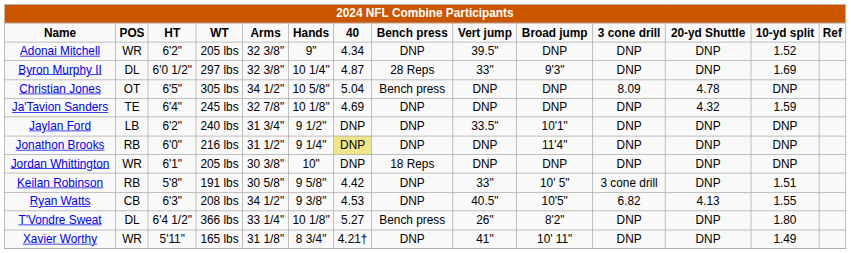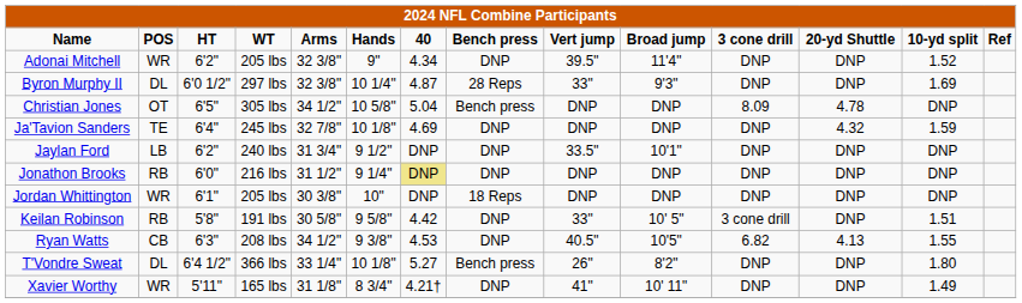 <table class="wikitable sortable" style="width:90%; text-align:center;">
 <tr style="font-weight:bold; background:#CC5500; color:#FFFFFF;">
 <td colspan="14">2024 NFL Combine Participants</td>
 </tr>
 <tr style="font-weight:bold;">
 <td>Name</td>
 <td>POS</td>
 <td>HT</td>
 <td>WT</td>
 <td>Arms</td>
 <td>Hands</td>
 <td>40</td>
 <td>Bench press</td>
 <td>Vert jump</td>
 <td>Broad jump</td>
 <td>3 cone drill</td>
 <td>20-yd Shuttle</td>
 <td>10-yd split</td>
 <td>Ref</td>
 </tr>
 <tr>
 <td><a href='#'>Adonai Mitchell</a></td>
 <td>WR</td>
 <td>6'2"</td>
 <td>205 lbs</td>
 <td>32 3/8"</td>
 <td>9"</td>
 <td>4.34</td>
 <td>DNP</td>
 <td>39.5"</td>
-<td>DNP</td>
+<td>11'4"</td>
 <td>DNP</td>
 <td>DNP</td>
 <td>1.52</td>
 <td></td>
 </tr>
 <tr>
 <td><a href='#'>Byron Murphy II</a></td>
 <td>DL</td>
 <td>6'0 1/2"</td>
 <td>297 lbs</td>
 <td>32 3/8"</td>
 <td>10 1/4"</td>
 <td>4.87</td>
 <td>28 Reps</td>
 <td>33"</td>
 <td>9'3"</td>
 <td>DNP</td>
 <td>DNP</td>
 <td>1.69</td>
 <td></td>
 </tr>
 <tr>
 <td><a href='#'>Christian Jones</a></td>
 <td>OT</td>
 <td>6'5"</td>
 <td>305 lbs</td>
 <td>34 1/2"</td>
 <td>10 5/8"</td>
 <td>5.04</td>
 <td>Bench press</td>
 <td>DNP</td>
 <td>DNP</td>
 <td>8.09</td>
 <td>4.78</td>
 <td>DNP</td>
 <td></td>
 </tr>
 <tr>
 <td><a href='#'>Ja'Tavion Sanders</a></td>
 <td>TE</td>
 <td>6'4"</td>
 <td>245 lbs</td>
 <td>32 7/8"</td>
 <td>10 1/8"</td>
 <td>4.69</td>
 <td>DNP</td>
 <td>DNP</td>
 <td>DNP</td>
 <td>DNP</td>
 <td>4.32</td>
 <td>1.59</td>
 <td></td>
 </tr>
 <tr>
 <td><a href='#'>Jaylan Ford</a></td>
 <td>LB</td>
 <td>6'2"</td>
 <td>240 lbs</td>
 <td>31 3/4"</td>
 <td>9 1/2"</td>
 <td>DNP</td>
 <td>DNP</td>
 <td>33.5"</td>
 <td>10'1"</td>
 <td>DNP</td>
 <td>DNP</td>
 <td>DNP</td>
 <td></td>
 </tr>
 <tr>
 <td><a href='#'>Jonathon Brooks</a></td>
 <td>RB</td>
 <td>6'0"</td>
 <td>216 lbs</td>
 <td>31 1/2"</td>
 <td>9 1/4"</td>
 <td style="background: khaki;">DNP</td>
 <td>DNP</td>
 <td>DNP</td>
-<td>11'4"</td>
+<td>DNP</td>
 <td>DNP</td>
 <td>DNP</td>
 <td>DNP</td>
 <td></td>
 </tr>
 <tr>
 <td><a href='#'>Jordan Whittington</a></td>
 <td>WR</td>
 <td>6'1"</td>
 <td>205 lbs</td>
 <td>30 3/8"</td>
 <td>10"</td>
 <td>DNP</td>
 <td>18 Reps</td>
 <td>DNP</td>
 <td>DNP</td>
 <td>DNP</td>
 <td>DNP</td>
 <td>DNP</td>
 <td></td>
 </tr>
 <tr>
 <td><a href='#'>Keilan Robinson</a></td>
 <td>RB</td>
 <td>5'8"</td>
 <td>191 lbs</td>
 <td>30 5/8"</td>
 <td>9 5/8"</td>
 <td>4.42</td>
 <td>DNP</td>
 <td>33"</td>
 <td>10' 5"</td>
 <td>3 cone drill</td>
 <td>DNP</td>
 <td>1.51</td>
 <td></td>
 </tr>
 <tr>
 <td><a href='#'>Ryan Watts</a></td>
 <td>CB</td>
 <td>6'3"</td>
 <td>208 lbs</td>
 <td>34 1/2"</td>
 <td>9 3/8"</td>
 <td>4.53</td>
 <td>DNP</td>
 <td>40.5"</td>
 <td>10'5"</td>
 <td>6.82</td>
 <td>4.13</td>
 <td>1.55</td>
 <td></td>
 </tr>
 <tr>
 <td><a href='#'>T'Vondre Sweat</a></td>
 <td>DL</td>
 <td>6'4 1/2"</td>
 <td>366 lbs</td>
 <td>33 1/4"</td>
 <td>10 1/8"</td>
 <td>5.27</td>
 <td>Bench press</td>
 <td>26"</td>
 <td>8'2"</td>
 <td>DNP</td>
 <td>DNP</td>
 <td>1.80</td>
 <td></td>
 </tr>
 <tr>
 <td><a href='#'>Xavier Worthy</a></td>
 <td>WR</td>
 <td>5'11"</td>
 <td>165 lbs</td>
 <td>31 1/8"</td>
 <td>8 3/4"</td>
 <td>4.21†</td>
 <td>DNP</td>
 <td>41"</td>
 <td>10' 11"</td>
 <td>DNP</td>
 <td>DNP</td>
 <td>1.49</td>
 <td></td>
 </tr>
 <tr>
 </tr>
 </table>
